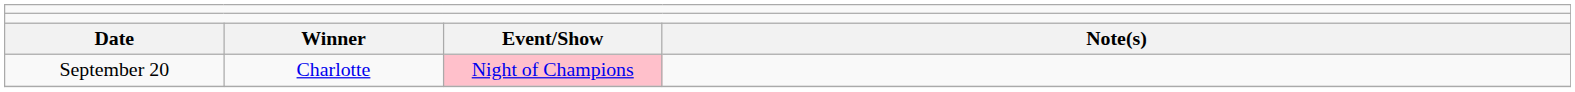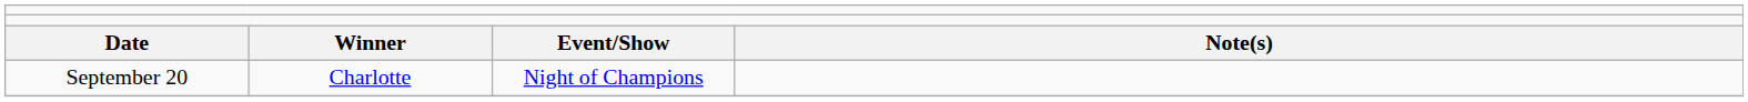 <table class="wikitable" style="text-align:center; width:100%;">
 <tr>
 <td colspan="5"></td>
 </tr>
 <tr>
 <td colspan="5"><strong></strong></td>
 </tr>
 <tr>
 <th width=14%>Date</th>
 <th width=14%>Winner</th>
 <th width=14%>Event/Show</th>
 <th width=58%>Note(s)</th>
 </tr>
 <tr>
 <td>September 20</td>
 <td><a href='#'>Charlotte</a></td>
-<td style="background: pink;"><a href='#'>Night of Champions</a></td>
+<td><a href='#'>Night of Champions</a></td>
 <td></td>
 </tr>
 <tr>
 </tr>
 </table>
